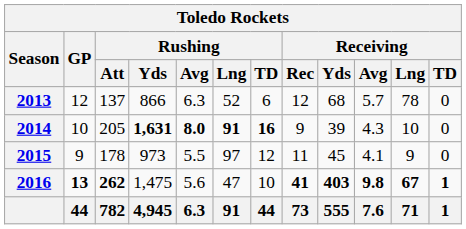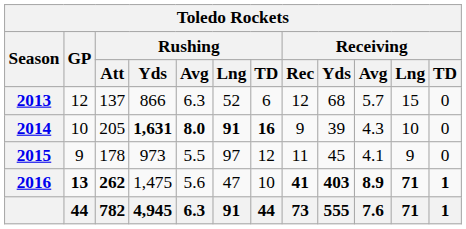 <table class="wikitable" style="text-align:center;">
 <tr>
 <th colspan="12">Toledo Rockets</th>
 </tr>
 <tr>
 <th rowspan="2">Season</th>
 <th rowspan="2">GP</th>
 <th colspan="5">Rushing</th>
 <th colspan="5">Receiving</th>
 </tr>
 <tr>
 <th>Att</th>
 <th>Yds</th>
 <th>Avg</th>
 <th>Lng</th>
 <th>TD</th>
 <th>Rec</th>
 <th>Yds</th>
 <th>Avg</th>
 <th>Lng</th>
 <th>TD</th>
 </tr>
 <tr>
 <th><a href='#'>2013</a></th>
 <td>12</td>
 <td>137</td>
 <td>866</td>
 <td>6.3</td>
 <td>52</td>
 <td>6</td>
 <td>12</td>
 <td>68</td>
 <td>5.7</td>
-<td>78</td>
+<td>15</td>
 <td>0</td>
 </tr>
 <tr>
 <th><a href='#'>2014</a></th>
 <td>10</td>
 <td>205</td>
 <td><strong>1,631</strong></td>
 <td><strong>8.0</strong></td>
 <td><strong>91</strong></td>
 <td><strong>16</strong></td>
 <td>9</td>
 <td>39</td>
 <td>4.3</td>
 <td>10</td>
 <td>0</td>
 </tr>
 <tr>
 <th><a href='#'>2015</a></th>
 <td>9</td>
 <td>178</td>
 <td>973</td>
 <td>5.5</td>
 <td>97</td>
 <td>12</td>
 <td>11</td>
 <td>45</td>
 <td>4.1</td>
 <td>9</td>
 <td>0</td>
 </tr>
 <tr>
 <th><a href='#'>2016</a></th>
 <td><strong>13</strong></td>
 <td><strong>262</strong></td>
 <td>1,475</td>
 <td>5.6</td>
 <td>47</td>
 <td>10</td>
 <td><strong>41</strong></td>
 <td><strong>403</strong></td>
-<td><strong>9.8</strong></td>
-<td><strong>67</strong></td>
+<td><strong>8.9</strong></td>
+<td><strong>71</strong></td>
 <td><strong>1</strong></td>
 </tr>
 <tr>
 <th></th>
 <th>44</th>
 <th>782</th>
 <th>4,945</th>
 <th>6.3</th>
 <th>91</th>
 <th>44</th>
 <th>73</th>
 <th>555</th>
 <th>7.6</th>
 <th>71</th>
 <th>1</th>
 </tr>
 </table>
